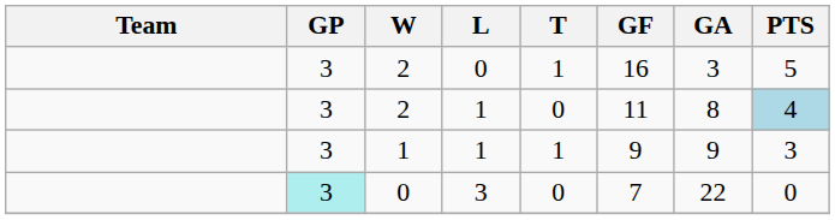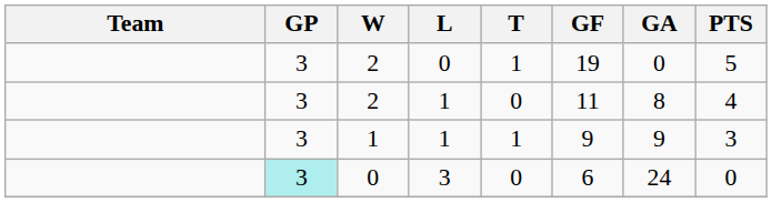 <table class="wikitable" style="text-align:center;">
 <tr>
 <th width=165>Team</th>
 <th width=40>GP</th>
 <th width=40>W</th>
 <th width=40>L</th>
 <th width=40>T</th>
 <th width=40>GF</th>
 <th width=40>GA</th>
 <th width=40>PTS</th>
 </tr>
 <tr>
 <td style="text-align:left;"></td>
 <td>3</td>
 <td>2</td>
 <td>0</td>
 <td>1</td>
-<td>16</td>
-<td>3</td>
+<td>19</td>
+<td>0</td>
 <td>5</td>
 </tr>
 <tr>
 <td style="text-align:left;"></td>
 <td>3</td>
 <td>2</td>
 <td>1</td>
 <td>0</td>
 <td>11</td>
 <td>8</td>
-<td style="background: lightblue;">4</td>
+<td>4</td>
 </tr>
 <tr>
 <td style="text-align:left;"></td>
 <td>3</td>
 <td>1</td>
 <td>1</td>
 <td>1</td>
 <td>9</td>
 <td>9</td>
 <td>3</td>
 </tr>
 <tr>
 <td style="text-align:left;"></td>
 <td style="background: paleturquoise;">3</td>
 <td>0</td>
 <td>3</td>
 <td>0</td>
-<td>7</td>
-<td>22</td>
+<td>6</td>
+<td>24</td>
 <td>0</td>
 </tr>
 <tr>
 </tr>
 </table>
